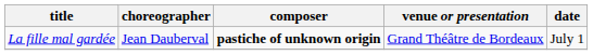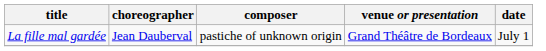 <table class="wikitable sortable">
 <tr>
 <th>title</th>
 <th>choreographer</th>
 <th>composer</th>
 <th>venue <em>or presentation</em></th>
 <th>date</th>
 </tr>
 <tr>
 <td><em><a href='#'>La fille mal gardée</a></em></td>
 <td><a href='#'>Jean Dauberval</a></td>
-<td><strong>pastiche of unknown origin</strong></td>
+<td>pastiche of unknown origin</td>
 <td><a href='#'>Grand Théâtre de Bordeaux</a></td>
 <td>July 1</td>
 </tr>
 <tr>
 </tr>
 </table>
